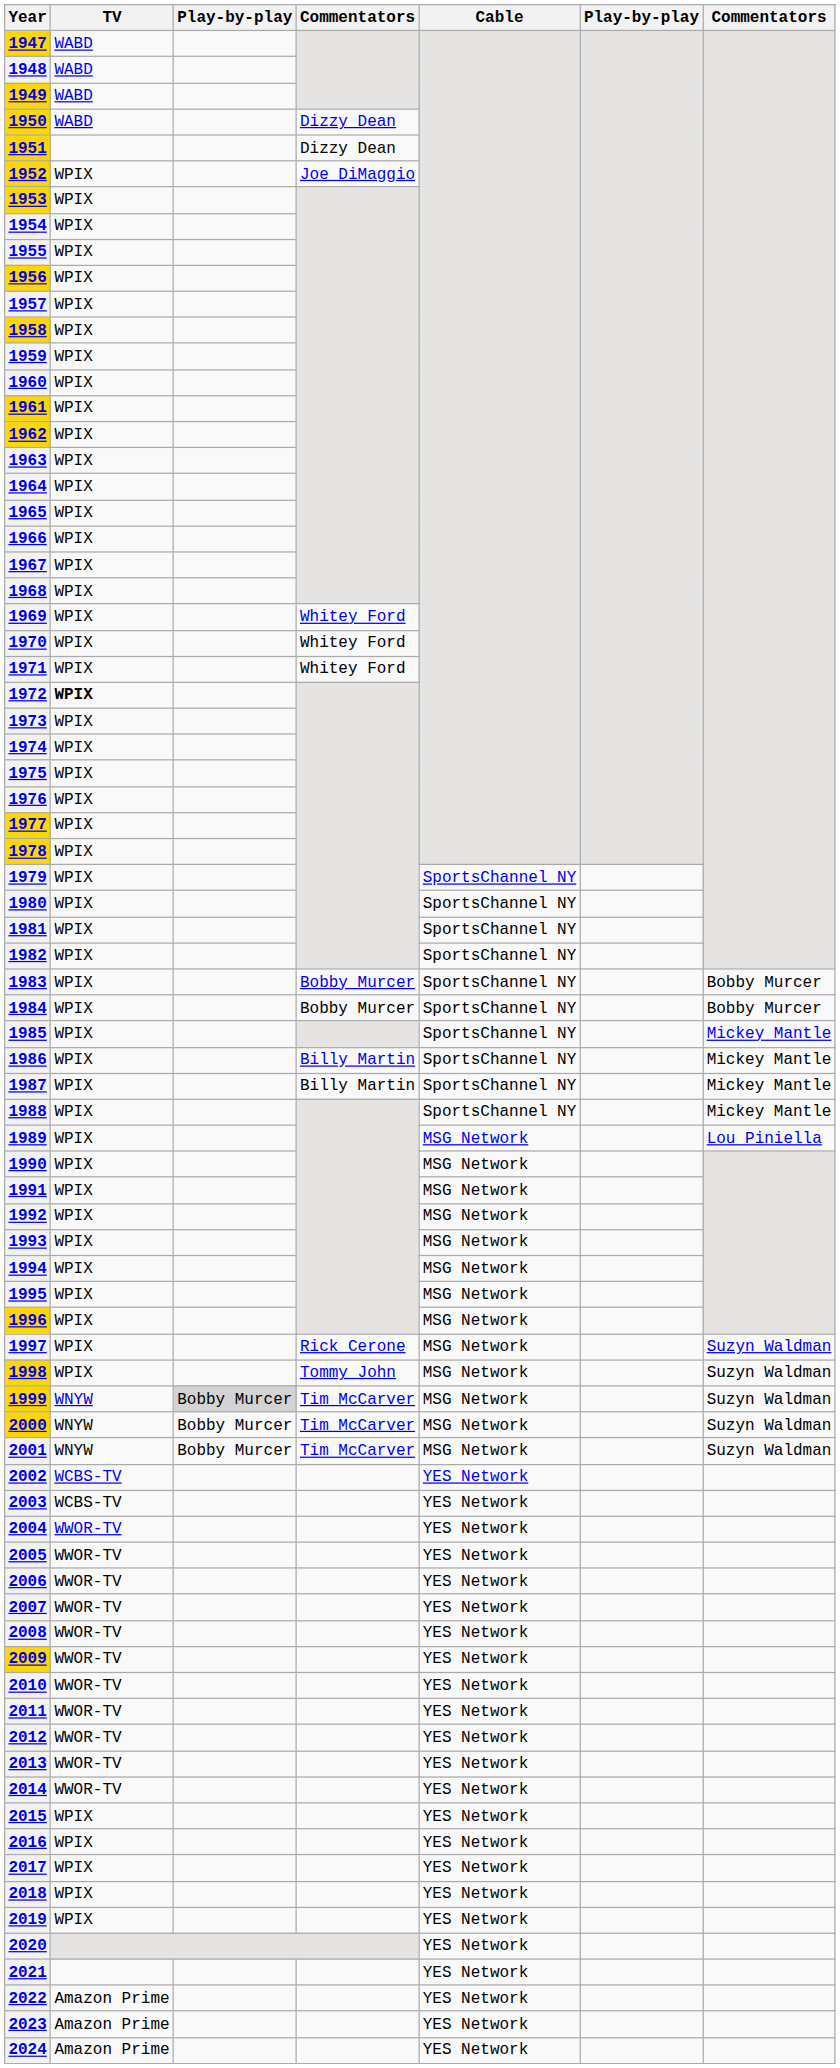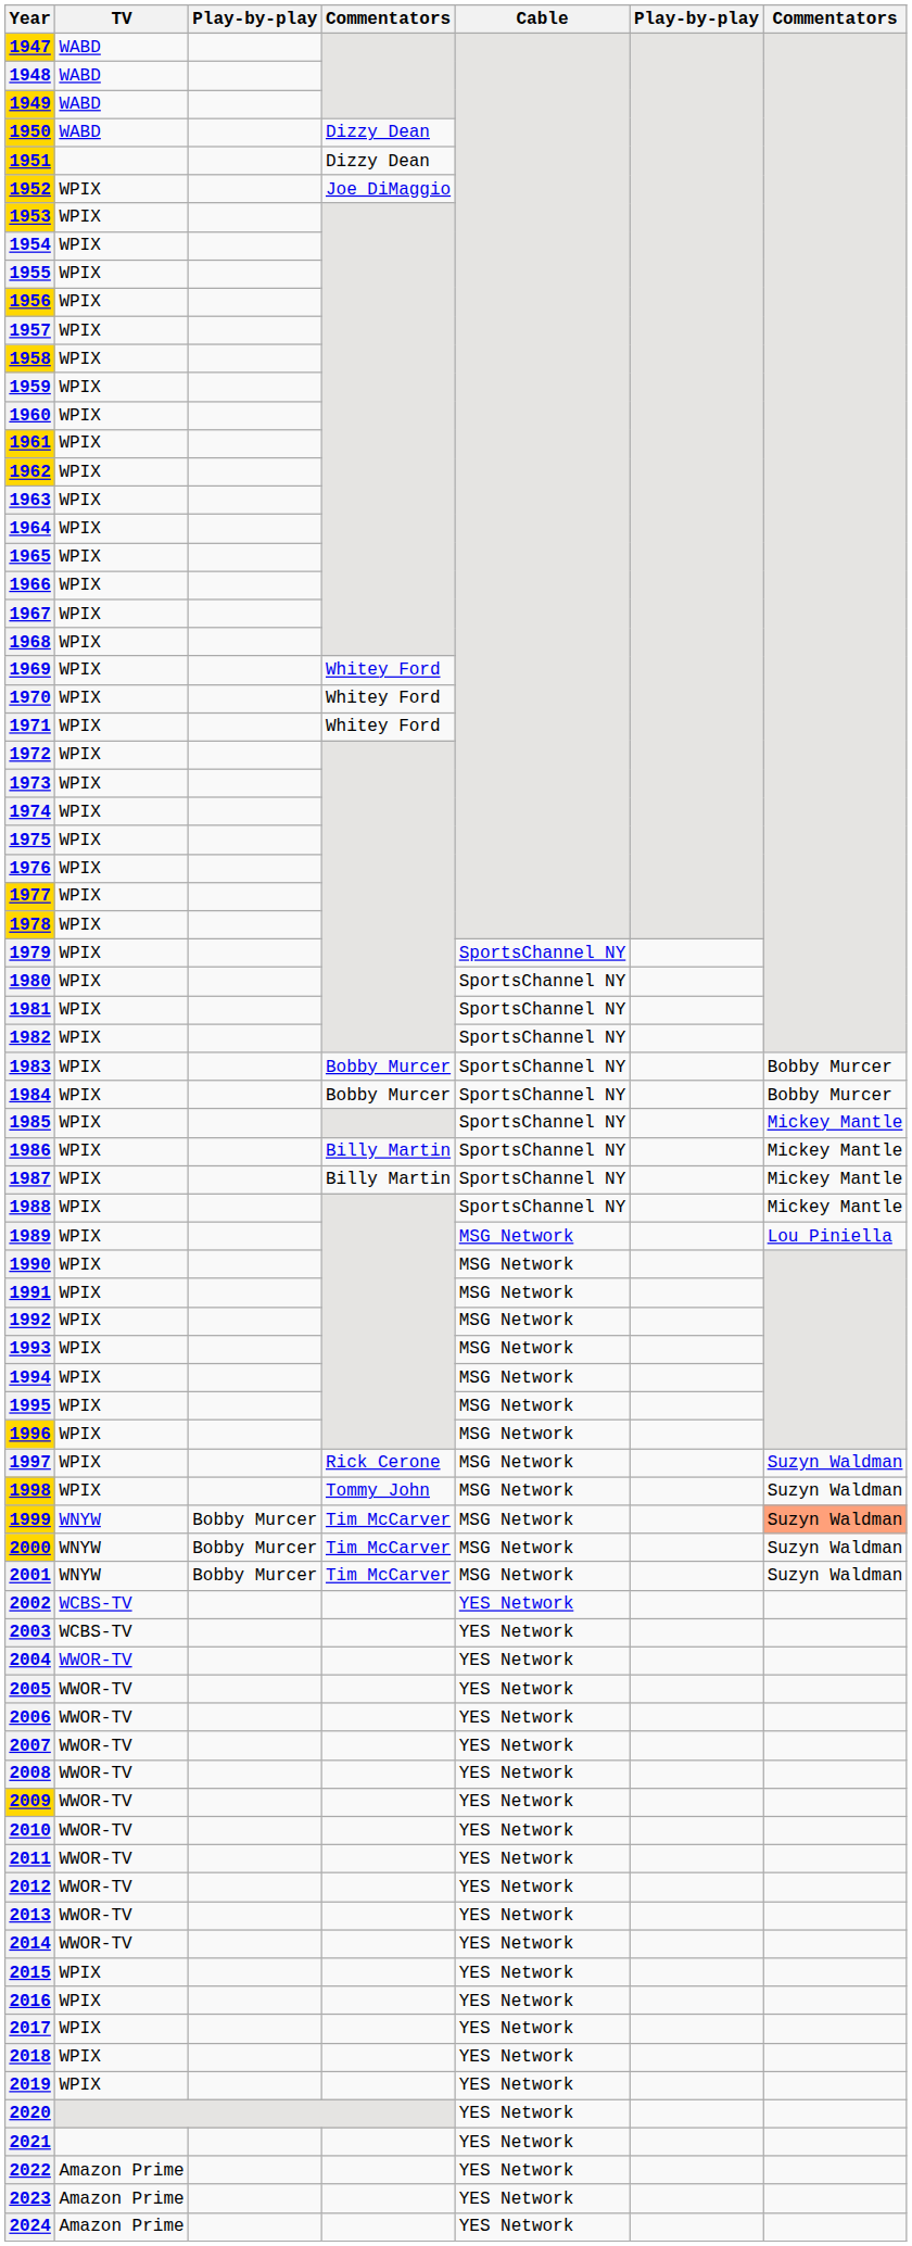 <table class="wikitable plainrowheaders">
 <tr>
 <th scope="col">Year</th>
 <th scope="col">TV</th>
 <th scope="col">Play-by-play</th>
 <th scope="col">Commentators</th>
 <th scope="col">Cable</th>
 <th scope="col">Play-by-play</th>
 <th scope="col">Commentators</th>
 </tr>
 <tr>
 <th scope="row" style="background-color:gold"><a href='#'>1947</a></th>
 <td><a href='#'>WABD</a></td>
 <td></td>
 <td rowspan="3" style="background-color:#e5e4e2;"></td>
 <td rowspan="32" style="background-color:#e5e4e2;"></td>
 <td rowspan="32" style="background-color:#e5e4e2;"></td>
 <td rowspan="36" style="background-color:#e5e4e2;"></td>
 </tr>
 <tr>
 <th scope="row"><a href='#'>1948</a></th>
 <td><a href='#'>WABD</a></td>
 <td></td>
 </tr>
 <tr>
 <th scope="row" style="background-color:gold"><a href='#'>1949</a></th>
 <td><a href='#'>WABD</a></td>
 <td></td>
 </tr>
 <tr>
 <th scope="row" style="background-color:gold"><a href='#'>1950</a></th>
 <td><a href='#'>WABD</a></td>
 <td></td>
 <td><a href='#'>Dizzy Dean</a></td>
 </tr>
 <tr>
 <th scope="row" style="background-color:gold"><a href='#'>1951</a></th>
 <td></td>
 <td></td>
 <td>Dizzy Dean</td>
 </tr>
 <tr>
 <th scope="row" style="background-color:gold"><a href='#'>1952</a></th>
 <td>WPIX</td>
 <td></td>
 <td><a href='#'>Joe DiMaggio</a></td>
 </tr>
 <tr>
 <th scope="row" style="background-color:gold"><a href='#'>1953</a></th>
 <td>WPIX</td>
 <td></td>
 <td rowspan="16" style="background-color:#e5e4e2;"></td>
 </tr>
 <tr>
 <th scope="row"><a href='#'>1954</a></th>
 <td>WPIX</td>
 <td></td>
 </tr>
 <tr>
 <th scope="row"><a href='#'>1955</a></th>
 <td>WPIX</td>
 <td></td>
 </tr>
 <tr>
 <th scope="row" style="background-color:gold"><a href='#'>1956</a></th>
 <td>WPIX</td>
 <td></td>
 </tr>
 <tr>
 <th scope="row"><a href='#'>1957</a></th>
 <td>WPIX</td>
 <td></td>
 </tr>
 <tr>
 <th scope="row" style="background-color:gold"><a href='#'>1958</a></th>
 <td>WPIX</td>
 <td></td>
 </tr>
 <tr>
 <th scope="row"><a href='#'>1959</a></th>
 <td>WPIX</td>
 <td></td>
 </tr>
 <tr>
 <th scope="row"><a href='#'>1960</a></th>
 <td>WPIX</td>
 <td></td>
 </tr>
 <tr>
 <th scope="row" style="background-color:gold"><a href='#'>1961</a></th>
 <td>WPIX</td>
 <td></td>
 </tr>
 <tr>
 <th scope="row" style="background-color:gold"><a href='#'>1962</a></th>
 <td>WPIX</td>
 <td></td>
 </tr>
 <tr>
 <th scope="row"><a href='#'>1963</a></th>
 <td>WPIX</td>
 <td></td>
 </tr>
 <tr>
 <th scope="row"><a href='#'>1964</a></th>
 <td>WPIX</td>
 <td></td>
 </tr>
 <tr>
 <th scope="row"><a href='#'>1965</a></th>
 <td>WPIX</td>
 <td></td>
 </tr>
 <tr>
 <th scope="row"><a href='#'>1966</a></th>
 <td>WPIX</td>
 <td></td>
 </tr>
 <tr>
 <th scope="row"><a href='#'>1967</a></th>
 <td>WPIX</td>
 <td></td>
 </tr>
 <tr>
 <th scope="row"><a href='#'>1968</a></th>
 <td>WPIX</td>
 <td></td>
 </tr>
 <tr>
 <th scope="row"><a href='#'>1969</a></th>
 <td>WPIX</td>
 <td></td>
 <td><a href='#'>Whitey Ford</a></td>
 </tr>
 <tr>
 <th scope="row"><a href='#'>1970</a></th>
 <td>WPIX</td>
 <td></td>
 <td>Whitey Ford</td>
 </tr>
 <tr>
 <th scope="row"><a href='#'>1971</a></th>
 <td>WPIX</td>
 <td></td>
 <td>Whitey Ford</td>
 </tr>
 <tr>
 <th scope="row"><a href='#'>1972</a></th>
-<td><strong>WPIX</strong></td>
+<td>WPIX</td>
 <td></td>
 <td rowspan="11" style="background-color:#e5e4e2;"></td>
 </tr>
 <tr>
 <th scope="row"><a href='#'>1973</a></th>
 <td>WPIX</td>
 <td></td>
 </tr>
 <tr>
 <th scope="row"><a href='#'>1974</a></th>
 <td>WPIX</td>
 <td></td>
 </tr>
 <tr>
 <th scope="row"><a href='#'>1975</a></th>
 <td>WPIX</td>
 <td></td>
 </tr>
 <tr>
 <th scope="row"><a href='#'>1976</a></th>
 <td>WPIX</td>
 <td></td>
 </tr>
 <tr>
 <th scope="row" style="background-color:gold"><a href='#'>1977</a></th>
 <td>WPIX</td>
 <td></td>
 </tr>
 <tr>
 <th scope="row" style="background-color:gold"><a href='#'>1978</a></th>
 <td>WPIX</td>
 <td></td>
 </tr>
 <tr>
 <th scope="row"><a href='#'>1979</a></th>
 <td>WPIX</td>
 <td></td>
 <td><a href='#'>SportsChannel NY</a></td>
 <td></td>
 </tr>
 <tr>
 <th scope="row"><a href='#'>1980</a></th>
 <td>WPIX</td>
 <td></td>
 <td>SportsChannel NY</td>
 <td></td>
 </tr>
 <tr>
 <th scope="row"><a href='#'>1981</a></th>
 <td>WPIX</td>
 <td></td>
 <td>SportsChannel NY</td>
 <td></td>
 </tr>
 <tr>
 <th scope="row"><a href='#'>1982</a></th>
 <td>WPIX</td>
 <td></td>
 <td>SportsChannel NY</td>
 <td></td>
 </tr>
 <tr>
 <th scope="row"><a href='#'>1983</a></th>
 <td>WPIX</td>
 <td></td>
 <td><a href='#'>Bobby Murcer</a></td>
 <td>SportsChannel NY</td>
 <td></td>
 <td>Bobby Murcer</td>
 </tr>
 <tr>
 <th scope="row"><a href='#'>1984</a></th>
 <td>WPIX</td>
 <td></td>
 <td>Bobby Murcer</td>
 <td>SportsChannel NY</td>
 <td></td>
 <td>Bobby Murcer</td>
 </tr>
 <tr>
 <th scope="row"><a href='#'>1985</a></th>
 <td>WPIX</td>
 <td></td>
 <td style="background-color:#e5e4e2;"></td>
 <td>SportsChannel NY</td>
 <td></td>
 <td><a href='#'>Mickey Mantle</a></td>
 </tr>
 <tr>
 <th scope="row"><a href='#'>1986</a></th>
 <td>WPIX</td>
 <td></td>
 <td><a href='#'>Billy Martin</a></td>
 <td>SportsChannel NY</td>
 <td></td>
 <td>Mickey Mantle</td>
 </tr>
 <tr>
 <th scope="row"><a href='#'>1987</a></th>
 <td>WPIX</td>
 <td></td>
 <td>Billy Martin</td>
 <td>SportsChannel NY</td>
 <td></td>
 <td>Mickey Mantle</td>
 </tr>
 <tr>
 <th scope="row"><a href='#'>1988</a></th>
 <td>WPIX</td>
 <td></td>
 <td rowspan="9" style="background-color:#e5e4e2;"></td>
 <td>SportsChannel NY</td>
 <td></td>
 <td>Mickey Mantle</td>
 </tr>
 <tr>
 <th scope="row"><a href='#'>1989</a></th>
 <td>WPIX</td>
 <td></td>
 <td><a href='#'>MSG Network</a></td>
 <td></td>
 <td><a href='#'>Lou Piniella</a></td>
 </tr>
 <tr>
 <th scope="row"><a href='#'>1990</a></th>
 <td>WPIX</td>
 <td></td>
 <td>MSG Network</td>
 <td></td>
 <td rowspan="7" style="background-color:#e5e4e2;"></td>
 </tr>
 <tr>
 <th scope="row"><a href='#'>1991</a></th>
 <td>WPIX</td>
 <td></td>
 <td>MSG Network</td>
 <td></td>
 </tr>
 <tr>
 <th scope="row"><a href='#'>1992</a></th>
 <td>WPIX</td>
 <td></td>
 <td>MSG Network</td>
 <td></td>
 </tr>
 <tr>
 <th scope="row"><a href='#'>1993</a></th>
 <td>WPIX</td>
 <td></td>
 <td>MSG Network</td>
 <td></td>
 </tr>
 <tr>
 <th scope="row"><a href='#'>1994</a></th>
 <td>WPIX</td>
 <td></td>
 <td>MSG Network</td>
 <td></td>
 </tr>
 <tr>
 <th scope="row"><a href='#'>1995</a></th>
 <td>WPIX</td>
 <td></td>
 <td>MSG Network</td>
 <td></td>
 </tr>
 <tr>
 <th scope="row" style="background-color:gold"><a href='#'>1996</a></th>
 <td>WPIX</td>
 <td></td>
 <td>MSG Network</td>
 <td></td>
 </tr>
 <tr>
 <th scope="row"><a href='#'>1997</a></th>
 <td>WPIX</td>
 <td></td>
 <td><a href='#'>Rick Cerone</a></td>
 <td>MSG Network</td>
 <td></td>
 <td><a href='#'>Suzyn Waldman</a></td>
 </tr>
 <tr>
 <th scope="row" style="background-color:gold"><a href='#'>1998</a></th>
 <td>WPIX</td>
 <td></td>
 <td><a href='#'>Tommy John</a></td>
 <td>MSG Network</td>
 <td></td>
 <td>Suzyn Waldman</td>
 </tr>
 <tr>
 <th scope="row" style="background-color:gold"><a href='#'>1999</a></th>
 <td><a href='#'>WNYW</a></td>
-<td style="background: lightgrey;">Bobby Murcer</td>
+<td>Bobby Murcer</td>
 <td><a href='#'>Tim McCarver</a></td>
 <td>MSG Network</td>
 <td></td>
-<td>Suzyn Waldman</td>
+<td style="background: lightsalmon;">Suzyn Waldman</td>
 </tr>
 <tr>
 <th scope="row" style="background-color:gold"><a href='#'>2000</a></th>
 <td>WNYW</td>
 <td>Bobby Murcer</td>
 <td><a href='#'>Tim McCarver</a></td>
 <td>MSG Network</td>
 <td></td>
 <td>Suzyn Waldman</td>
 </tr>
 <tr>
 <th scope="row"><a href='#'>2001</a></th>
 <td>WNYW</td>
 <td>Bobby Murcer</td>
 <td><a href='#'>Tim McCarver</a></td>
 <td>MSG Network</td>
 <td></td>
 <td>Suzyn Waldman</td>
 </tr>
 <tr>
 <th scope="row"><a href='#'>2002</a></th>
 <td><a href='#'>WCBS-TV</a></td>
 <td></td>
 <td></td>
 <td><a href='#'>YES Network</a></td>
 <td></td>
 <td></td>
 </tr>
 <tr>
 <th scope="row"><a href='#'>2003</a></th>
 <td>WCBS-TV</td>
 <td></td>
 <td></td>
 <td>YES Network</td>
 <td></td>
 <td></td>
 </tr>
 <tr>
 <th scope="row"><a href='#'>2004</a></th>
 <td><a href='#'>WWOR-TV</a></td>
 <td></td>
 <td></td>
 <td>YES Network</td>
 <td></td>
 <td></td>
 </tr>
 <tr>
 <th scope="row"><a href='#'>2005</a></th>
 <td>WWOR-TV</td>
 <td></td>
 <td></td>
 <td>YES Network</td>
 <td></td>
 <td></td>
 </tr>
 <tr>
 <th scope="row"><a href='#'>2006</a></th>
 <td>WWOR-TV</td>
 <td></td>
 <td></td>
 <td>YES Network</td>
 <td></td>
 <td></td>
 </tr>
 <tr>
 <th scope="row"><a href='#'>2007</a></th>
 <td>WWOR-TV</td>
 <td></td>
 <td></td>
 <td>YES Network</td>
 <td></td>
 <td></td>
 </tr>
 <tr>
 <th scope="row"><a href='#'>2008</a></th>
 <td>WWOR-TV</td>
 <td></td>
 <td></td>
 <td>YES Network</td>
 <td></td>
 <td></td>
 </tr>
 <tr>
 <th scope="row" style="background-color:gold"><a href='#'>2009</a></th>
 <td>WWOR-TV</td>
 <td></td>
 <td></td>
 <td>YES Network</td>
 <td></td>
 <td></td>
 </tr>
 <tr>
 <th scope="row"><a href='#'>2010</a></th>
 <td>WWOR-TV</td>
 <td></td>
 <td></td>
 <td>YES Network</td>
 <td></td>
 <td></td>
 </tr>
 <tr>
 <th scope="row"><a href='#'>2011</a></th>
 <td>WWOR-TV</td>
 <td></td>
 <td></td>
 <td>YES Network</td>
 <td></td>
 <td></td>
 </tr>
 <tr>
 <th scope="row"><a href='#'>2012</a></th>
 <td>WWOR-TV</td>
 <td></td>
 <td></td>
 <td>YES Network</td>
 <td></td>
 <td></td>
 </tr>
 <tr>
 <th scope="row"><a href='#'>2013</a></th>
 <td>WWOR-TV</td>
 <td></td>
 <td></td>
 <td>YES Network</td>
 <td></td>
 <td></td>
 </tr>
 <tr>
 <th scope="row"><a href='#'>2014</a></th>
 <td>WWOR-TV</td>
 <td></td>
 <td></td>
 <td>YES Network</td>
 <td></td>
 <td></td>
 </tr>
 <tr>
 <th scope="row"><a href='#'>2015</a></th>
 <td>WPIX</td>
 <td></td>
 <td></td>
 <td>YES Network</td>
 <td></td>
 <td></td>
 </tr>
 <tr>
 <th scope="row"><a href='#'>2016</a></th>
 <td>WPIX</td>
 <td></td>
 <td></td>
 <td>YES Network</td>
 <td></td>
 <td></td>
 </tr>
 <tr>
 <th scope="row"><a href='#'>2017</a></th>
 <td>WPIX</td>
 <td></td>
 <td></td>
 <td>YES Network</td>
 <td></td>
 <td></td>
 </tr>
 <tr>
 <th scope="row"><a href='#'>2018</a></th>
 <td>WPIX</td>
 <td></td>
 <td></td>
 <td>YES Network</td>
 <td></td>
 <td></td>
 </tr>
 <tr>
 <th scope="row"><a href='#'>2019</a></th>
 <td>WPIX</td>
 <td></td>
 <td></td>
 <td>YES Network</td>
 <td></td>
 <td></td>
 </tr>
 <tr>
 <th scope="row"><a href='#'>2020</a></th>
 <td colspan="3"  style="background-color:#e5e4e2;"></td>
 <td>YES Network</td>
 <td></td>
 <td></td>
 </tr>
 <tr>
 <th scope="row"><a href='#'>2021</a></th>
 <td></td>
 <td></td>
 <td></td>
 <td>YES Network</td>
 <td></td>
 <td></td>
 </tr>
 <tr>
 <th scope="row"><a href='#'>2022</a></th>
 <td>Amazon Prime</td>
 <td></td>
 <td></td>
 <td>YES Network</td>
 <td></td>
 <td></td>
 </tr>
 <tr>
 <th scope="row"><a href='#'>2023</a></th>
 <td>Amazon Prime</td>
 <td></td>
 <td></td>
 <td>YES Network</td>
 <td></td>
 <td></td>
 </tr>
 <tr>
 <th scope="row"><a href='#'>2024</a></th>
 <td>Amazon Prime</td>
 <td></td>
 <td></td>
 <td>YES Network</td>
 <td></td>
 <td></td>
 </tr>
 </table>
